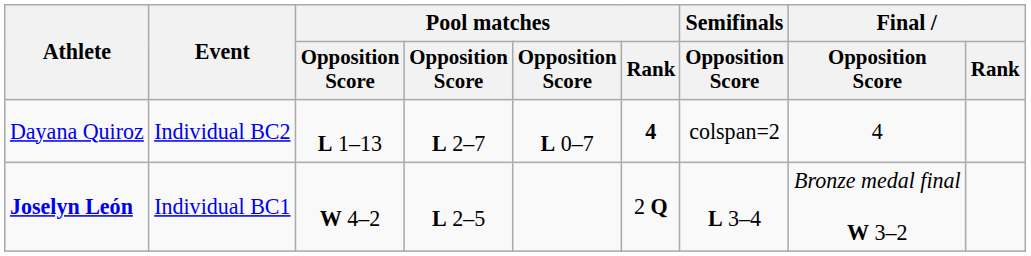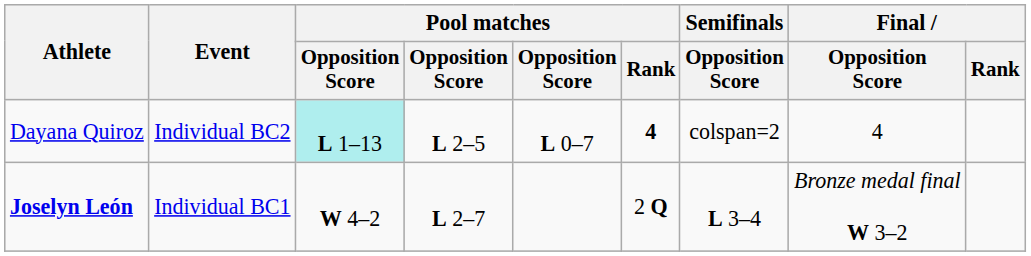 <table class=wikitable style="font-size:90%">
 <tr>
 <th rowspan="2">Athlete</th>
 <th rowspan="2">Event</th>
 <th colspan="4">Pool matches</th>
 <th>Semifinals</th>
 <th colspan=2>Final / </th>
 </tr>
 <tr style="font-size:95%">
 <th>Opposition<br>Score</th>
 <th>Opposition<br>Score</th>
 <th>Opposition<br>Score</th>
 <th>Rank</th>
 <th>Opposition<br>Score</th>
 <th>Opposition<br>Score</th>
 <th>Rank</th>
 </tr>
 <tr align=center>
 <td align=left><a href='#'>Dayana Quiroz</a></td>
 <td align=left><a href='#'>Individual BC2</a></td>
-<td><br><strong>L</strong> 1–13</td>
-<td><br><strong>L</strong> 2–7</td>
+<td style="background: paleturquoise;"><br><strong>L</strong> 1–13</td>
+<td><br><strong>L</strong> 2–5</td>
 <td><br><strong>L</strong> 0–7</td>
 <td><strong>4</strong></td>
 <td>colspan=2 </td>
 <td>4</td>
 </tr>
 <tr align=center>
 <td align=left><strong><a href='#'>Joselyn León</a></strong></td>
 <td align=left><a href='#'>Individual BC1</a></td>
 <td><br><strong>W</strong> 4–2</td>
-<td><br><strong>L</strong> 2–5</td>
+<td><br><strong>L</strong> 2–7</td>
 <td></td>
 <td>2 <strong>Q</strong></td>
 <td><br><strong>L</strong> 3–4</td>
 <td><em>Bronze medal final</em><br><br><strong>W</strong> 3–2</td>
 <td></td>
 </tr>
 </table>
